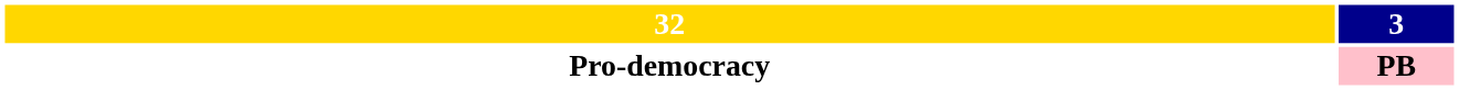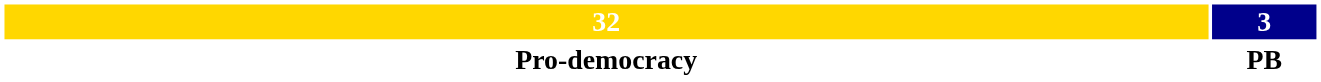 <table style="width:60%; text-align:center;">
 <tr style="color:white;">
 <td style="background:gold; width:91%;"><strong>32</strong></td>
 <td style="background:darkblue; width:8%;"><strong>3</strong></td>
 </tr>
 <tr>
 <td><span><strong>Pro-democracy</strong></span></td>
-<td style="background: pink;"><span><strong>PB</strong></span></td>
+<td><span><strong>PB</strong></span></td>
 </tr>
 </table>
